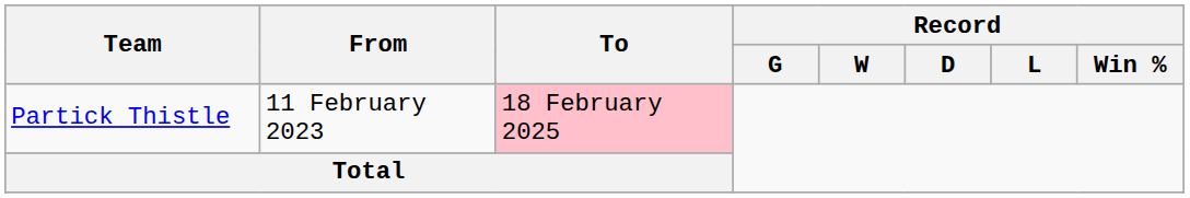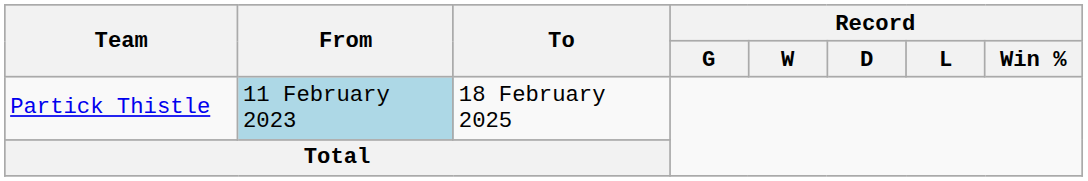 <table class="wikitable" style="text-align: center;">
 <tr>
 <th rowspan="2!" style="width:130px;">Team</th>
 <th rowspan="2!" style="width:120px;">From</th>
 <th rowspan="2!" style="width:120px;">To</th>
 <th colspan=5>Record</th>
 </tr>
 <tr>
 <th width=40>G</th>
 <th width=40>W</th>
 <th width=40>D</th>
 <th width=40>L</th>
 <th width=50>Win %</th>
 </tr>
 <tr>
 <td align=left><a href='#'>Partick Thistle</a></td>
-<td align=left>11 February 2023</td>
-<td align=left style="background: pink;">18 February 2025<br></td>
+<td align=left style="background: lightblue;">11 February 2023</td>
+<td align=left>18 February 2025<br></td>
 </tr>
 <tr>
 <th colspan=3>Total<br></th>
 </tr>
 </table>
